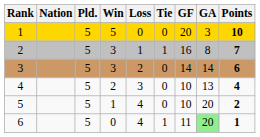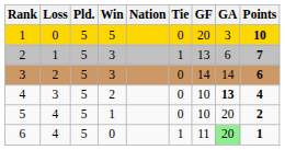 <table class="wikitable" style="text-align:center;">
 <tr>
 <th>Rank</th>
-<th>Nation</th>
+<th>Loss</th>
 <th>Pld.</th>
 <th>Win</th>
-<th>Loss</th>
+<th>Nation</th>
 <th>Tie</th>
 <th>GF</th>
 <th>GA</th>
 <th>Points</th>
 </tr>
 <tr bgcolor=gold>
 <td>1</td>
-<td align="left"></td>
+<td>0</td>
 <td>5</td>
 <td>5</td>
-<td>0</td>
+<td align="left"></td>
 <td>0</td>
 <td>20</td>
 <td>3</td>
 <td><strong>10</strong></td>
 </tr>
 <tr bgcolor=silver>
 <td>2</td>
-<td align="left"></td>
+<td>1</td>
 <td>5</td>
 <td>3</td>
+<td align="left"></td>
 <td>1</td>
-<td>1</td>
-<td>16</td>
-<td>8</td>
+<td>13</td>
+<td>6</td>
 <td><strong>7</strong></td>
 </tr>
 <tr bgcolor=cc9966>
 <td>3</td>
-<td align="left"></td>
+<td>2</td>
 <td>5</td>
 <td>3</td>
-<td>2</td>
+<td align="left"></td>
 <td>0</td>
 <td>14</td>
 <td>14</td>
 <td><strong>6</strong></td>
 </tr>
 <tr>
 <td>4</td>
-<td align="left"></td>
+<td>3</td>
 <td>5</td>
 <td>2</td>
-<td>3</td>
+<td align="left"></td>
 <td>0</td>
 <td>10</td>
-<td>13</td>
+<td><strong>13</strong></td>
 <td><strong>4</strong></td>
 </tr>
 <tr>
 <td>5</td>
-<td align="left"></td>
+<td>4</td>
 <td>5</td>
 <td>1</td>
-<td>4</td>
+<td align="left"></td>
 <td>0</td>
 <td>10</td>
 <td>20</td>
 <td><strong>2</strong></td>
 </tr>
 <tr>
 <td>6</td>
-<td align="left"></td>
+<td>4</td>
 <td>5</td>
 <td>0</td>
-<td>4</td>
+<td align="left"></td>
 <td>1</td>
 <td>11</td>
 <td style="background: lightgreen;">20</td>
 <td><strong>1</strong></td>
 </tr>
 </table>
